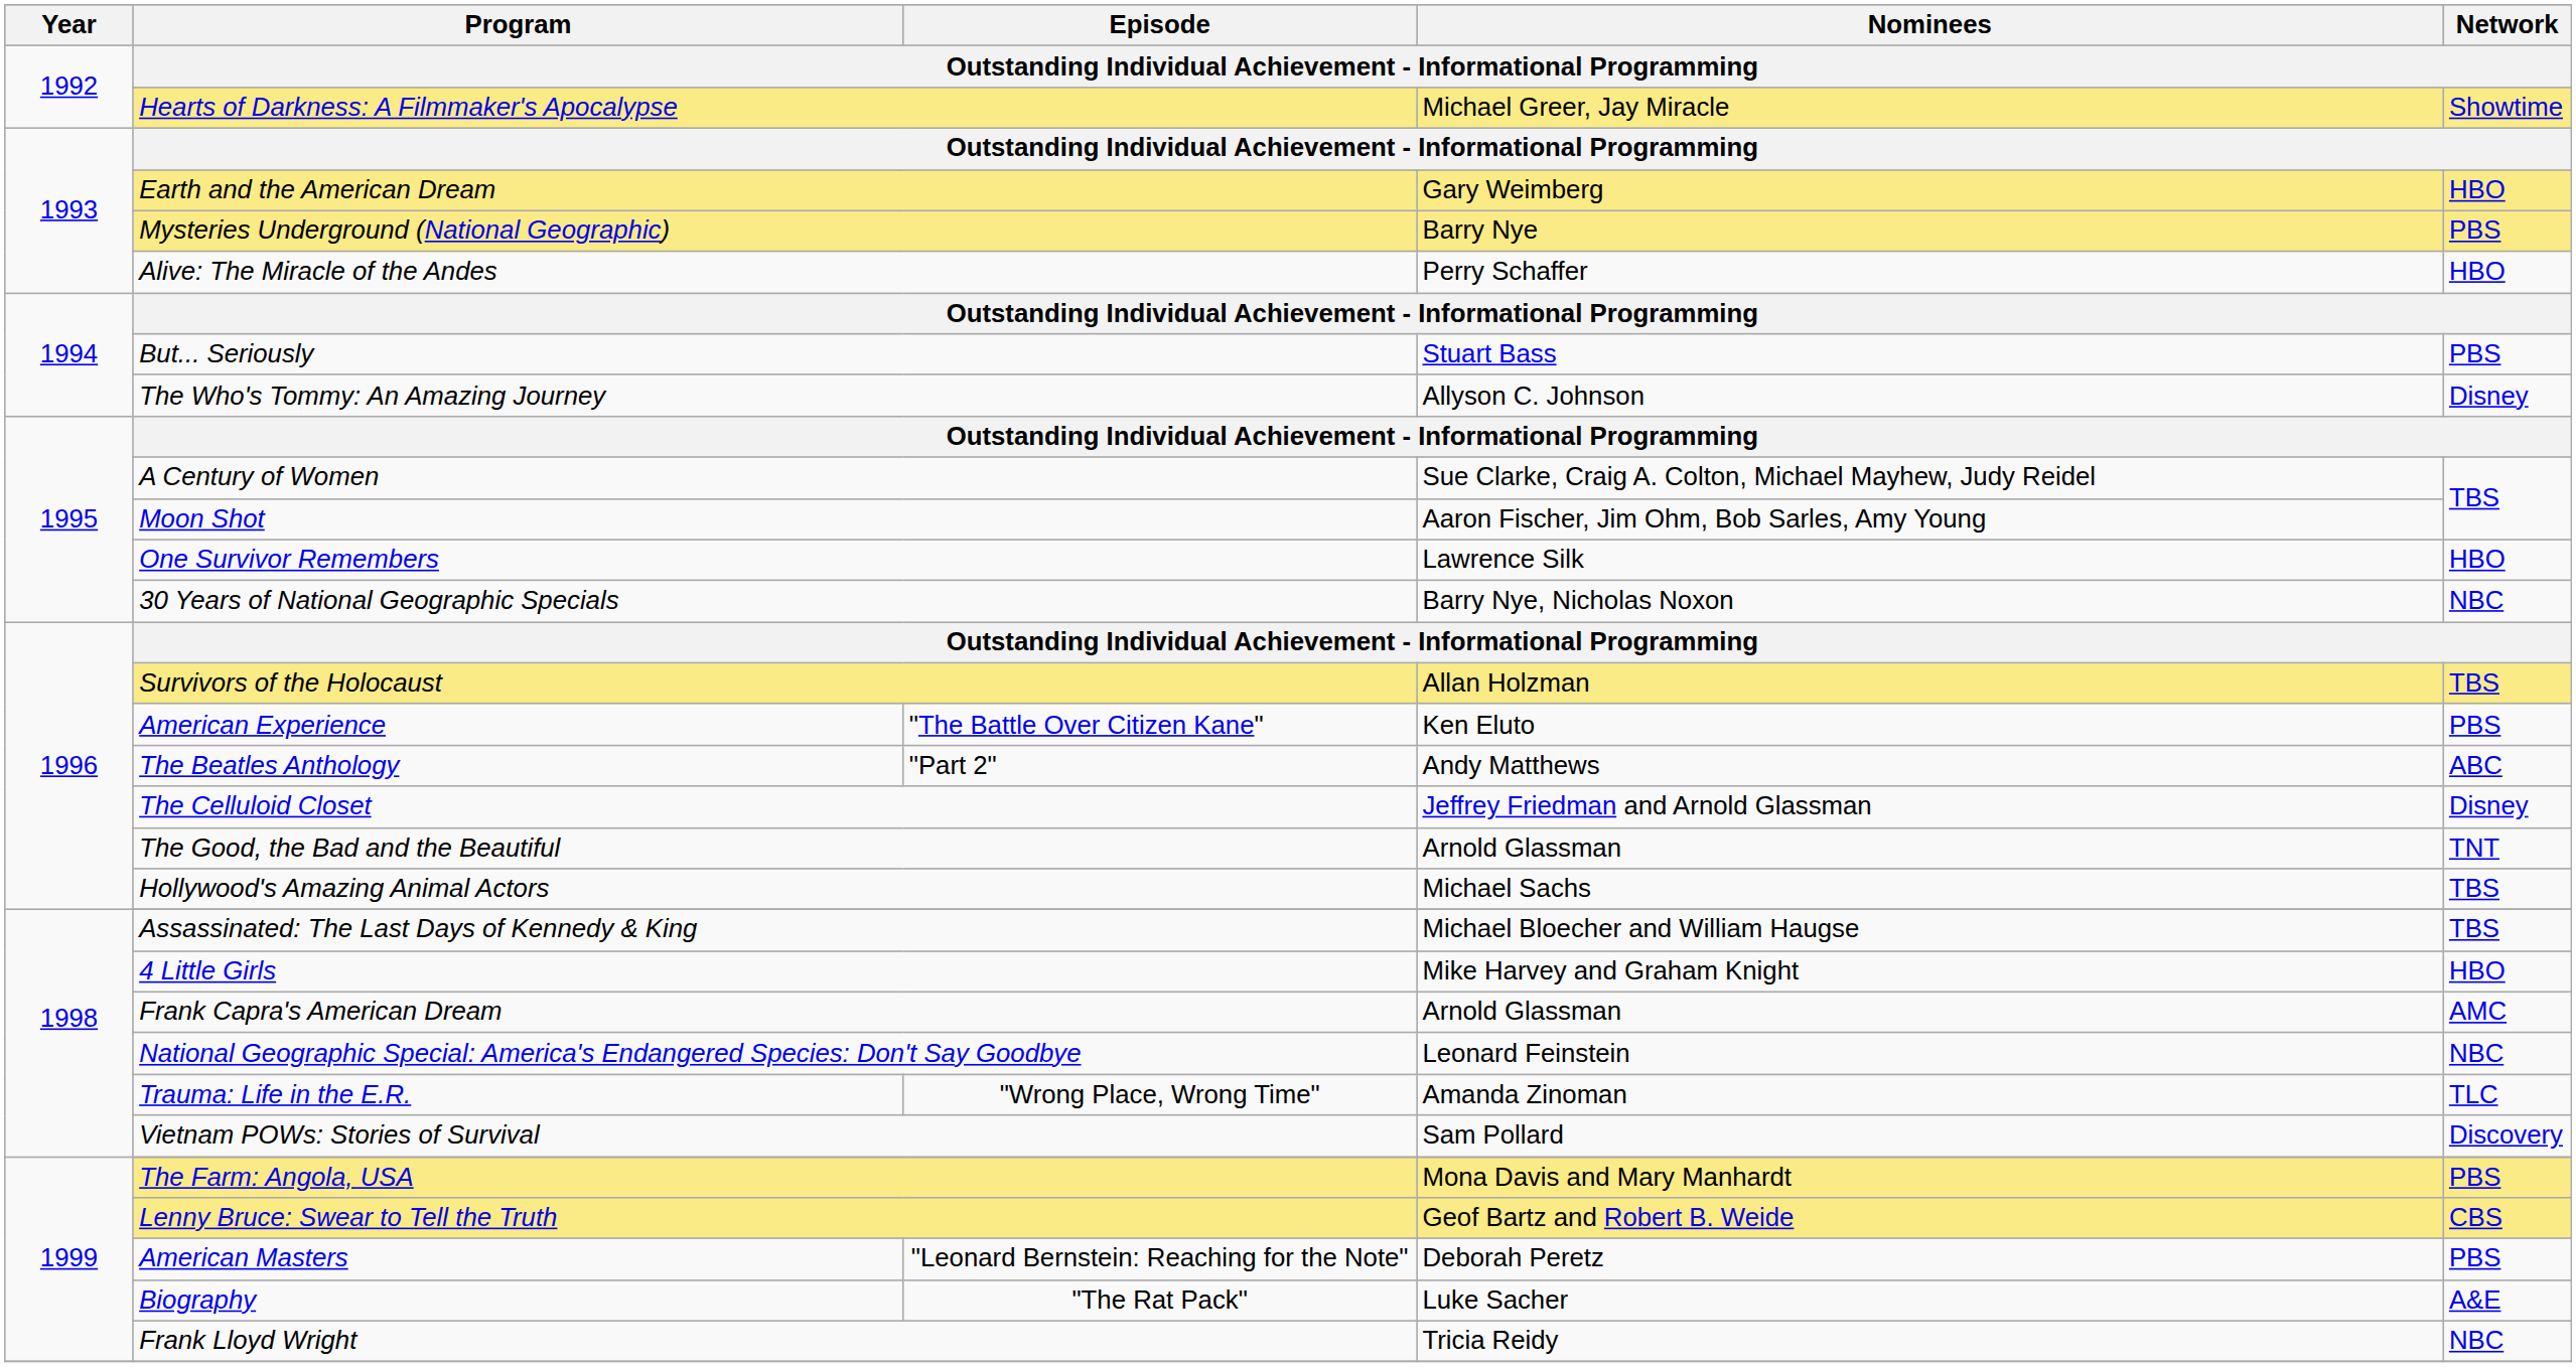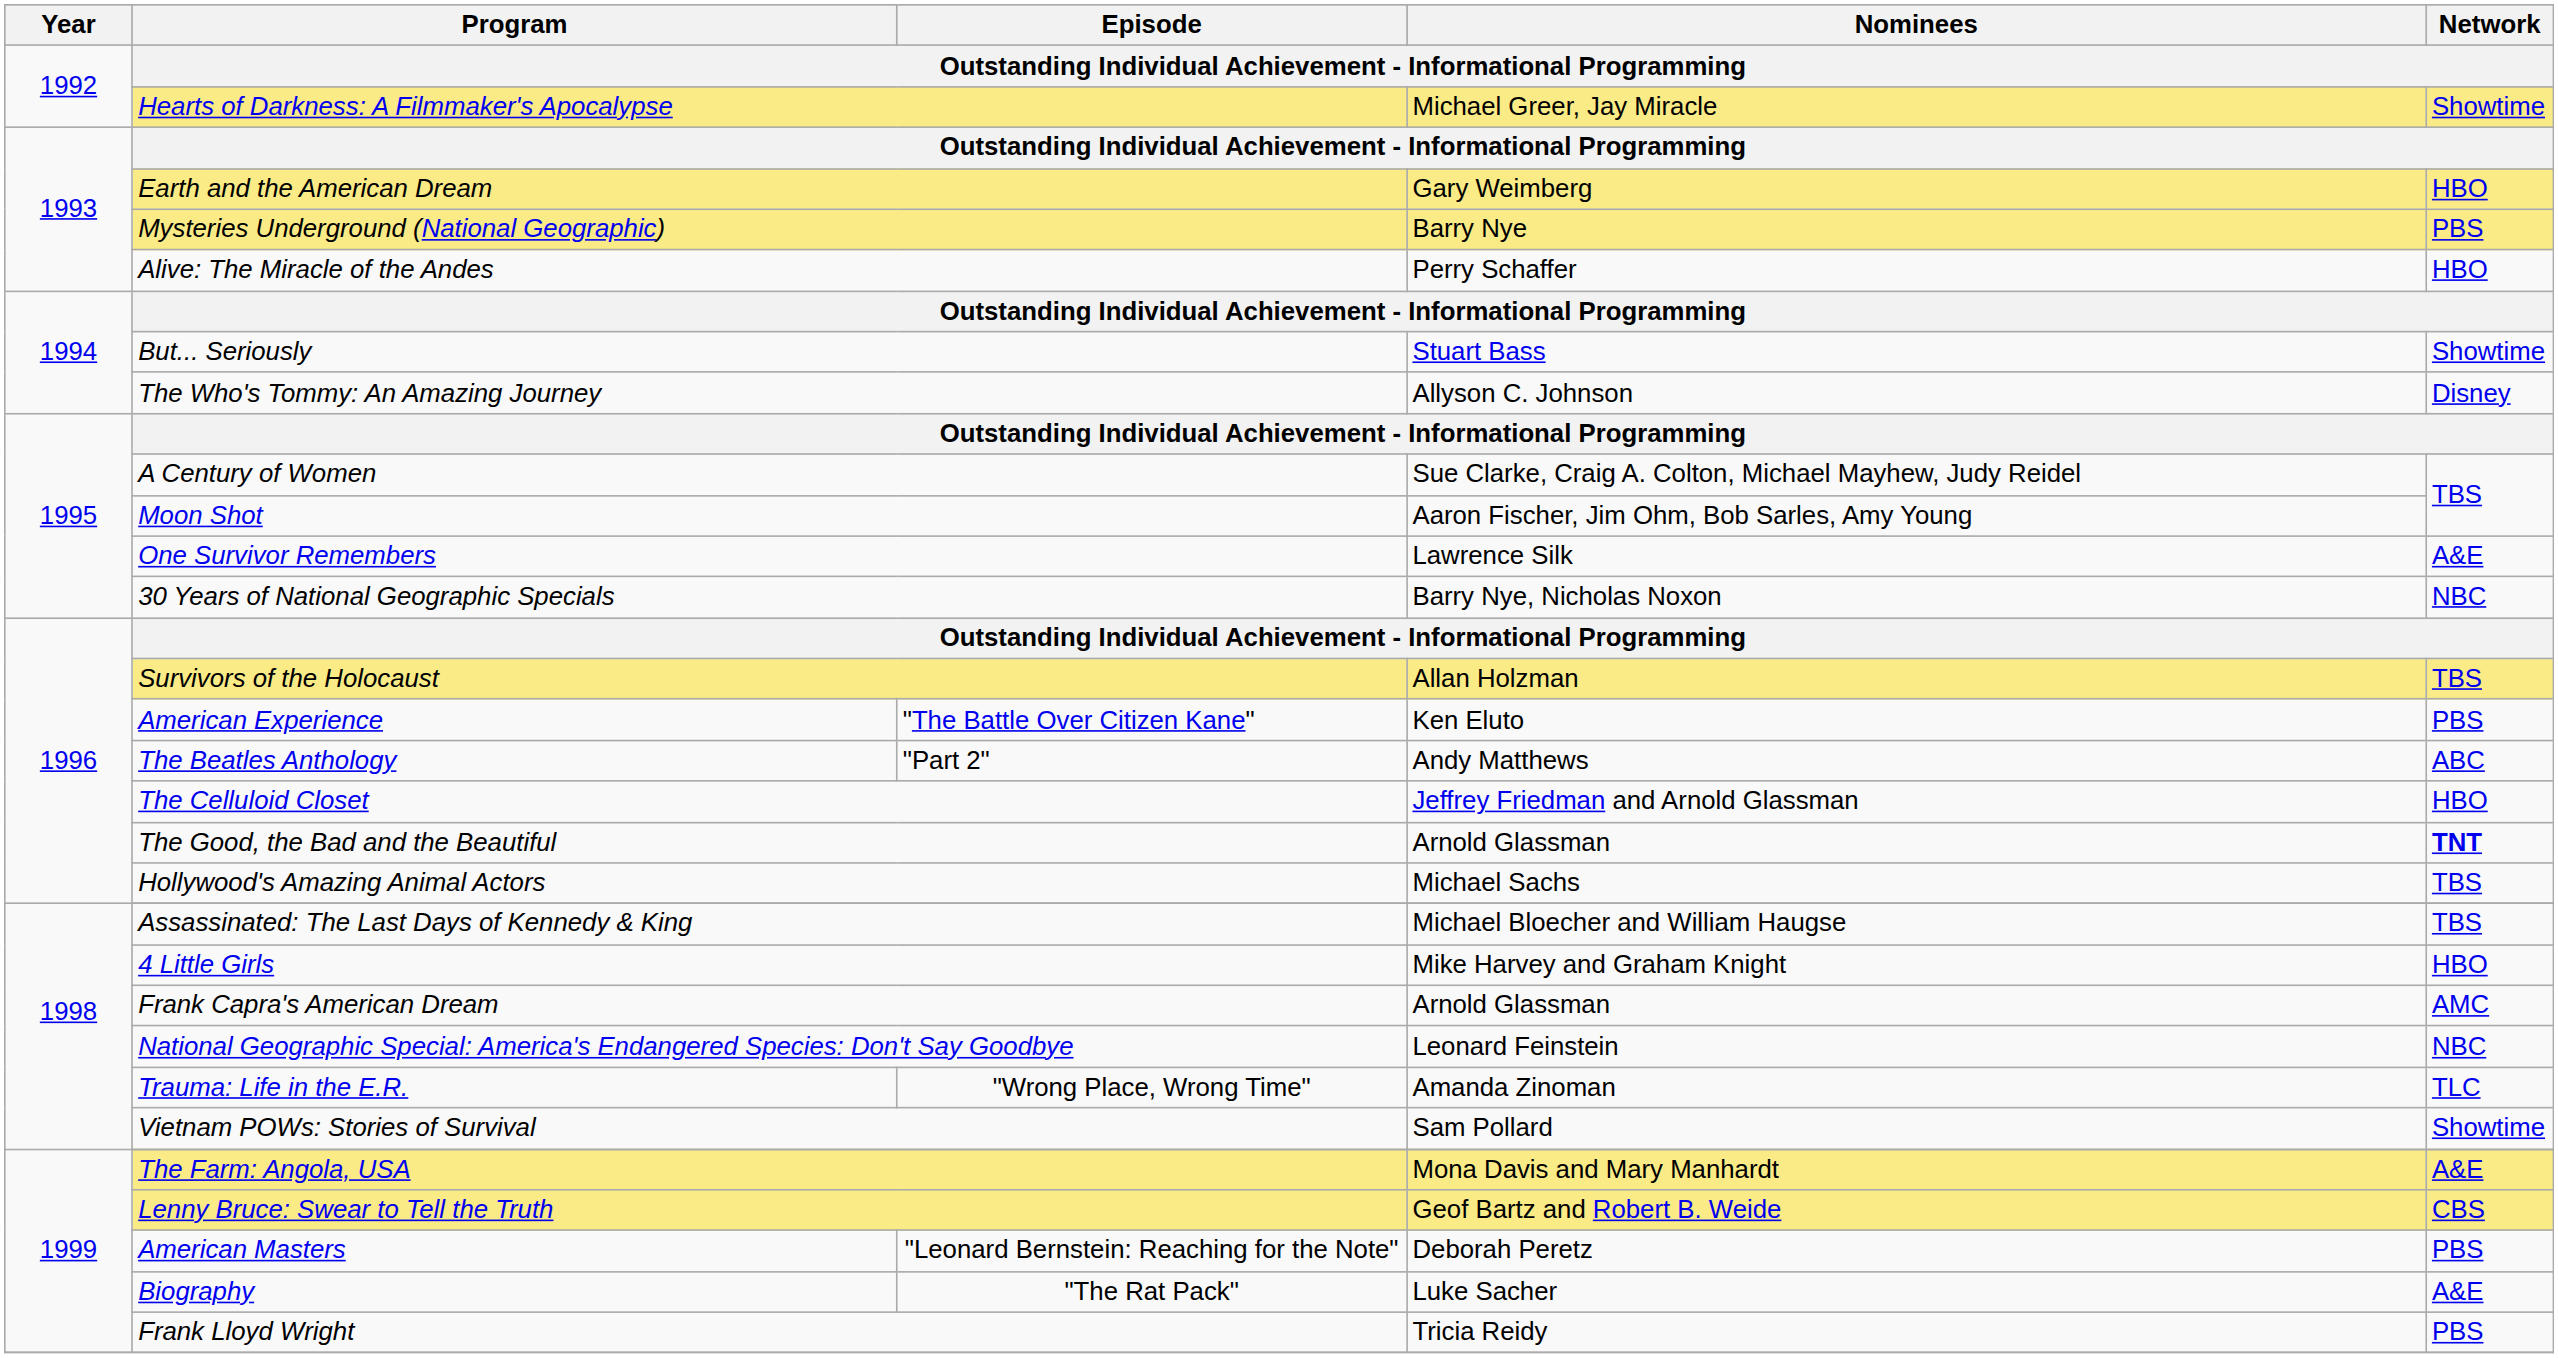 <table class="wikitable" style="width:100%">
 <tr style="background:#bebebe;">
 <th width="5%">Year</th>
 <th width="30%">Program</th>
 <th width="20%">Episode</th>
 <th width="40%">Nominees</th>
 <th width="5%">Network</th>
 </tr>
 <tr>
 <td rowspan=2 style="text-align:center"><a href='#'>1992</a></td>
 <th colspan="4">Outstanding Individual Achievement - Informational Programming</th>
 </tr>
 <tr style="background:#FAEB86;">
 <td colspan=2><em><a href='#'>Hearts of Darkness: A Filmmaker's Apocalypse</a></em></td>
 <td>Michael Greer, Jay Miracle</td>
 <td><a href='#'>Showtime</a></td>
 </tr>
 <tr>
 <td rowspan=4 style="text-align:center"><a href='#'>1993</a></td>
 <th colspan="4">Outstanding Individual Achievement - Informational Programming</th>
 </tr>
 <tr style="background:#FAEB86;">
 <td colspan=2><em>Earth and the American Dream</em></td>
 <td>Gary Weimberg</td>
 <td><a href='#'>HBO</a></td>
 </tr>
 <tr style="background:#FAEB86;">
 <td colspan=2><em>Mysteries Underground (<a href='#'>National Geographic</a>)</em></td>
 <td>Barry Nye</td>
 <td><a href='#'>PBS</a></td>
 </tr>
 <tr>
 <td colspan=2><em>Alive: The Miracle of the Andes</em></td>
 <td>Perry Schaffer</td>
 <td><a href='#'>HBO</a></td>
 </tr>
 <tr>
 <td rowspan=3 style="text-align:center"><a href='#'>1994</a></td>
 <th colspan="4">Outstanding Individual Achievement - Informational Programming</th>
 </tr>
 <tr>
 <td colspan=2><em>But... Seriously</em></td>
 <td><a href='#'>Stuart Bass</a></td>
-<td><a href='#'>PBS</a></td>
+<td><a href='#'>Showtime</a></td>
 </tr>
 <tr>
 <td colspan=2><em>The Who's Tommy: An Amazing Journey</em></td>
 <td>Allyson C. Johnson</td>
 <td><a href='#'>Disney</a></td>
 </tr>
 <tr>
 <td rowspan=5 style="text-align:center"><a href='#'>1995</a></td>
 <th colspan="4">Outstanding Individual Achievement - Informational Programming</th>
 </tr>
 <tr>
 <td colspan=2><em>A Century of Women</em></td>
 <td>Sue Clarke, Craig A. Colton, Michael Mayhew, Judy Reidel</td>
 <td rowspan=2><a href='#'>TBS</a></td>
 </tr>
 <tr>
 <td colspan=2><em><a href='#'>Moon Shot</a></em></td>
 <td>Aaron Fischer, Jim Ohm, Bob Sarles, Amy Young</td>
 </tr>
 <tr>
 <td colspan=2><em><a href='#'>One Survivor Remembers</a></em></td>
 <td>Lawrence Silk</td>
-<td><a href='#'>HBO</a></td>
+<td><a href='#'>A&E</a></td>
 </tr>
 <tr>
 <td colspan=2><em>30 Years of National Geographic Specials</em></td>
 <td>Barry Nye, Nicholas Noxon</td>
 <td><a href='#'>NBC</a></td>
 </tr>
 <tr>
 <td rowspan=7 style="text-align:center"><a href='#'>1996</a></td>
 <th colspan="4">Outstanding Individual Achievement - Informational Programming</th>
 </tr>
 <tr style="background:#FAEB86;">
 <td colspan=2><em>Survivors of the Holocaust</em></td>
 <td>Allan Holzman</td>
 <td><a href='#'>TBS</a></td>
 </tr>
 <tr>
 <td><em><a href='#'>American Experience</a></em></td>
 <td>"<a href='#'>The Battle Over Citizen Kane</a>"</td>
 <td>Ken Eluto</td>
 <td><a href='#'>PBS</a></td>
 </tr>
 <tr>
 <td><em><a href='#'>The Beatles Anthology</a></em></td>
 <td>"Part 2"</td>
 <td>Andy Matthews</td>
 <td><a href='#'>ABC</a></td>
 </tr>
 <tr>
 <td colspan=2><em><a href='#'>The Celluloid Closet</a></em></td>
 <td><a href='#'>Jeffrey Friedman</a> and Arnold Glassman</td>
-<td><a href='#'>Disney</a></td>
+<td><a href='#'>HBO</a></td>
 </tr>
 <tr>
 <td colspan=2><em>The Good, the Bad and the Beautiful</em></td>
 <td>Arnold Glassman</td>
-<td><a href='#'>TNT</a></td>
+<td><strong><a href='#'>TNT</a></strong></td>
 </tr>
 <tr>
 <td colspan=2><em>Hollywood's Amazing Animal Actors</em></td>
 <td>Michael Sachs</td>
 <td><a href='#'>TBS</a></td>
 </tr>
 <tr>
 <td rowspan=7 style="text-align:center;"><a href='#'>1998</a><br><br></td>
 </tr>
 <tr>
 <td colspan=2><em>Assassinated: The Last Days of Kennedy & King</em></td>
 <td>Michael Bloecher and William Haugse</td>
 <td><a href='#'>TBS</a></td>
 </tr>
 <tr>
 <td colspan=2><em><a href='#'>4 Little Girls</a></em></td>
 <td>Mike Harvey and Graham Knight</td>
 <td><a href='#'>HBO</a></td>
 </tr>
 <tr>
 <td colspan=2><em>Frank Capra's American Dream</em></td>
 <td>Arnold Glassman</td>
 <td><a href='#'>AMC</a></td>
 </tr>
 <tr>
 <td colspan=2><em><a href='#'>National Geographic Special: America's Endangered Species: Don't Say Goodbye</a></em></td>
 <td>Leonard Feinstein</td>
 <td><a href='#'>NBC</a></td>
 </tr>
 <tr>
 <td><em><a href='#'>Trauma: Life in the E.R.</a></em></td>
 <td align=center>"Wrong Place, Wrong Time"</td>
 <td>Amanda Zinoman</td>
 <td><a href='#'>TLC</a></td>
 </tr>
 <tr>
 <td colspan=2><em>Vietnam POWs: Stories of Survival</em></td>
 <td>Sam Pollard</td>
-<td><a href='#'>Discovery</a></td>
+<td><a href='#'>Showtime</a></td>
 </tr>
 <tr>
 <td rowspan=6 style="text-align:center;"><a href='#'>1999</a><br></td>
 </tr>
 <tr style="background:#FAEB86;">
 <td colspan=2><em><a href='#'>The Farm: Angola, USA</a></em></td>
 <td>Mona Davis and Mary Manhardt</td>
-<td><a href='#'>PBS</a></td>
+<td><a href='#'>A&E</a></td>
 </tr>
 <tr style="background:#FAEB86;">
 <td colspan=2><em><a href='#'>Lenny Bruce: Swear to Tell the Truth</a></em></td>
 <td>Geof Bartz and <a href='#'>Robert B. Weide</a></td>
 <td><a href='#'>CBS</a></td>
 </tr>
 <tr>
 <td><em><a href='#'>American Masters</a></em></td>
 <td align=center>"Leonard Bernstein: Reaching for the Note"</td>
 <td>Deborah Peretz</td>
 <td><a href='#'>PBS</a></td>
 </tr>
 <tr>
 <td><em><a href='#'>Biography</a></em></td>
 <td align=center>"The Rat Pack"</td>
 <td>Luke Sacher</td>
 <td><a href='#'>A&E</a></td>
 </tr>
 <tr>
 <td colspan=2><em>Frank Lloyd Wright</em></td>
 <td>Tricia Reidy</td>
-<td><a href='#'>NBC</a></td>
+<td><a href='#'>PBS</a></td>
 </tr>
 <tr>
 </tr>
 </table>
